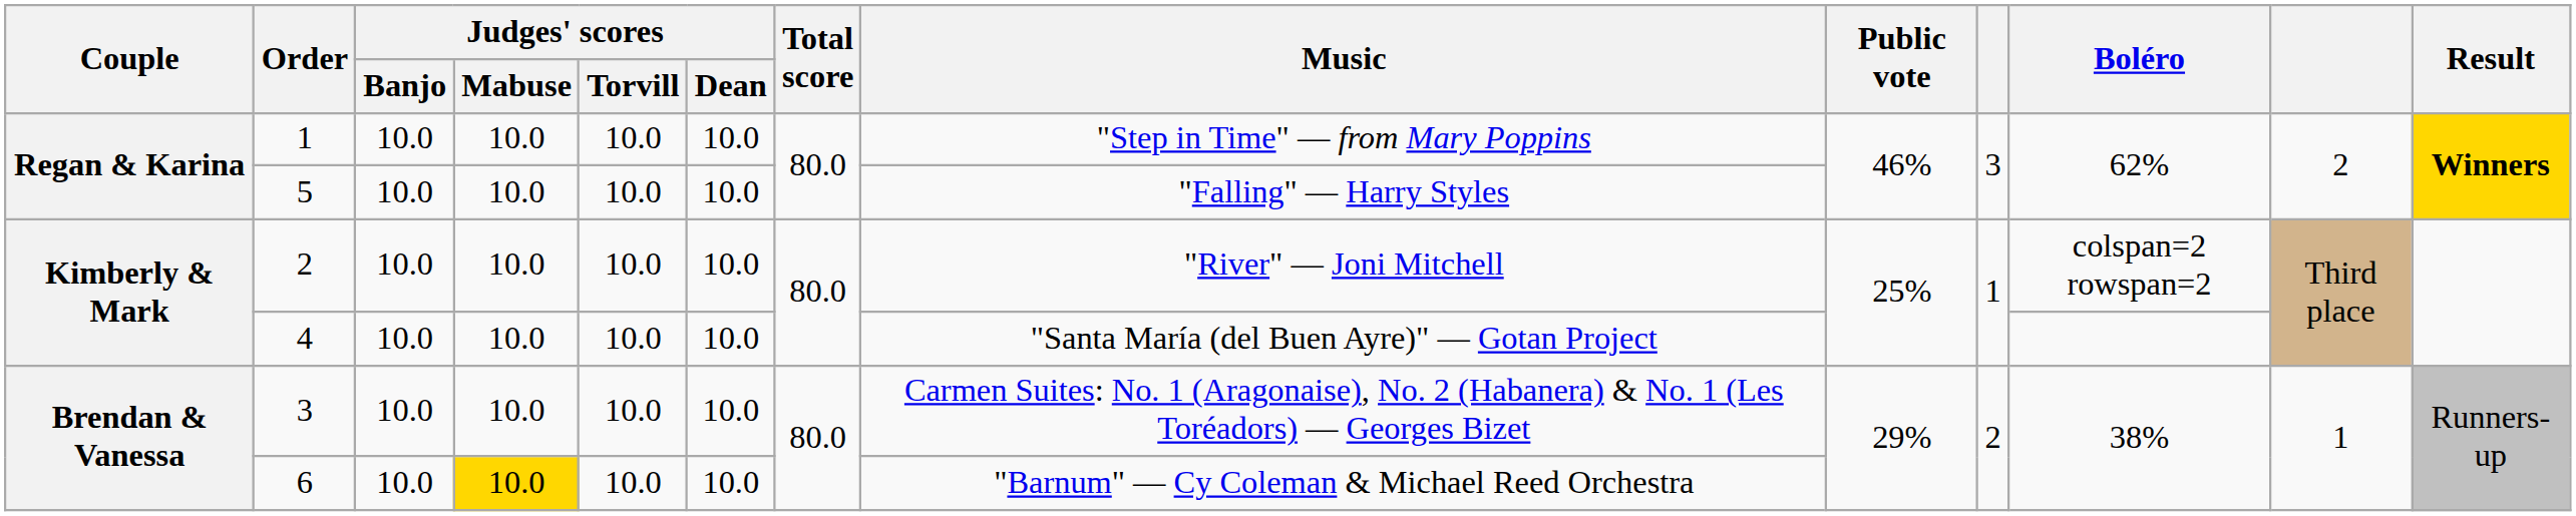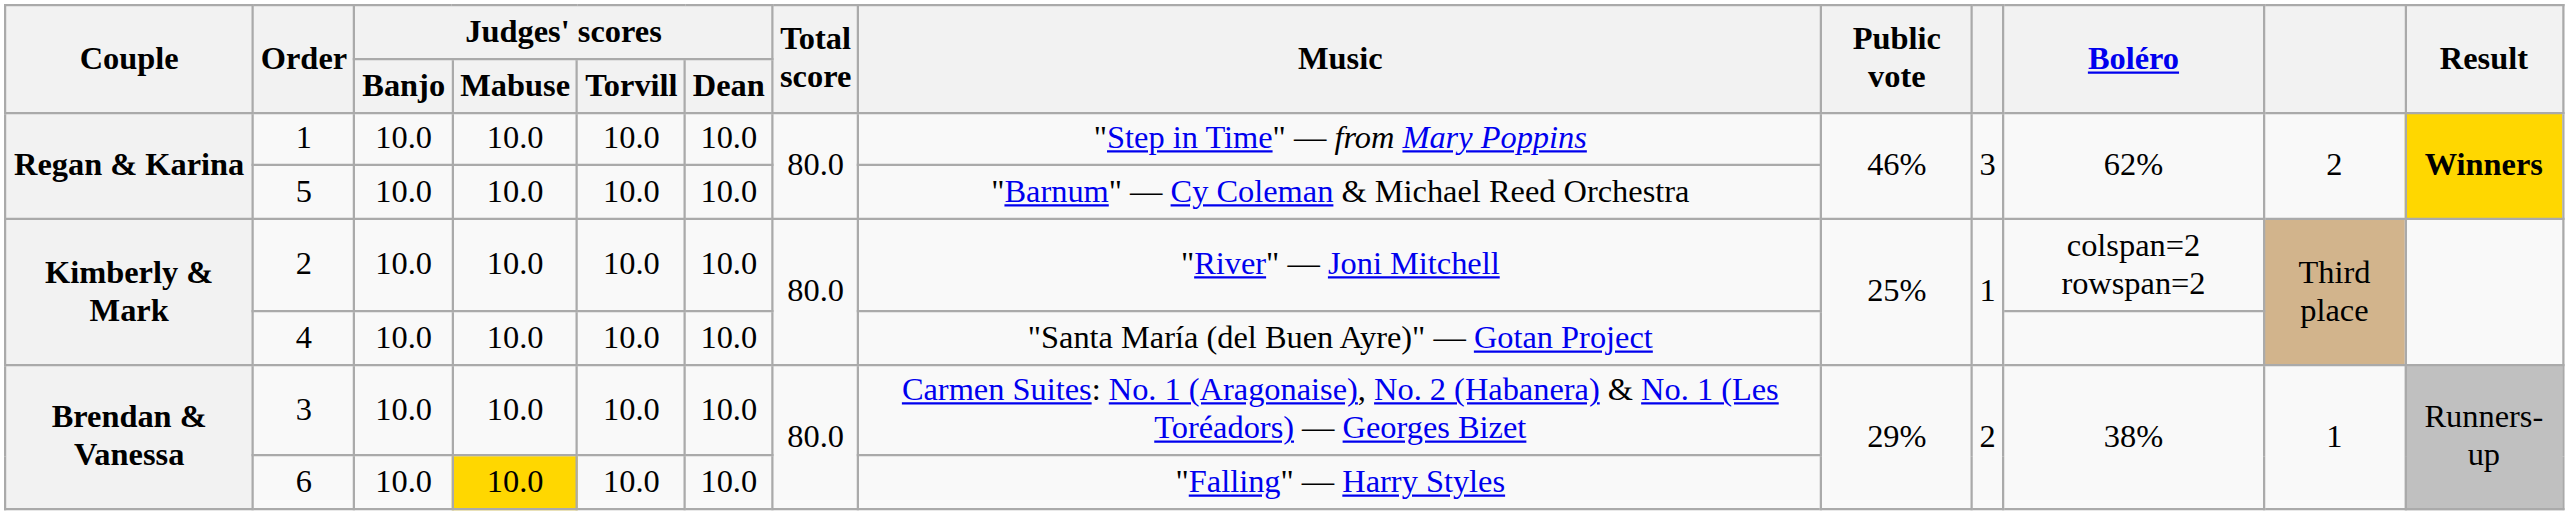 <table class="wikitable sortable" style="text-align:center; font-size:90%; width:90%">
 <tr>
 <th scope="col" rowspan=2>Couple</th>
 <th scope="col" rowspan=2>Order</th>
 <th scope="col" colspan=4 class="unsortable">Judges' scores</th>
 <th scope="col" rowspan=2 class="unsortable">Total<br>score</th>
 <th scope="col" rowspan=2 class="unsortable">Music</th>
 <th scope="col" rowspan=2 class="unsortable">Public vote</th>
 <th scope="col" rowspan=2 class="unsortable"></th>
 <th scope="col" rowspan=2 class="unsortable"><a href='#'>Boléro</a></th>
 <th scope="col" rowspan=2 class="unsortable"></th>
 <th scope="col" rowspan=2 class="unsortable">Result</th>
 </tr>
 <tr>
 <th class="unsortable">Banjo</th>
 <th class="unsortable">Mabuse</th>
 <th class="unsortable">Torvill</th>
 <th class="unsortable">Dean</th>
 </tr>
 <tr>
 <th rowspan=2 scope="row">Regan & Karina</th>
 <td>1</td>
 <td>10.0</td>
 <td>10.0</td>
 <td>10.0</td>
 <td>10.0</td>
 <td rowspan="2">80.0</td>
 <td>"<a href='#'>Step in Time</a>" — <em>from <a href='#'>Mary Poppins</a></em></td>
 <td rowspan=2>46%</td>
 <td rowspan=2>3</td>
 <td rowspan=2>62%</td>
 <td rowspan=2>2</td>
 <td rowspan=2 bgcolor="gold"><strong>Winners</strong></td>
 </tr>
 <tr>
 <td>5</td>
 <td>10.0</td>
 <td>10.0</td>
 <td>10.0</td>
 <td>10.0</td>
-<td>"<a href='#'>Falling</a>" — <a href='#'>Harry Styles</a></td>
+<td>"<a href='#'>Barnum</a>" — <a href='#'>Cy Coleman</a> & Michael Reed Orchestra</td>
 </tr>
 <tr>
 <th rowspan=2 scope="row">Kimberly & Mark</th>
 <td>2</td>
 <td>10.0</td>
 <td>10.0</td>
 <td>10.0</td>
 <td>10.0</td>
 <td rowspan="2">80.0</td>
 <td>"<a href='#'>River</a>" — <a href='#'>Joni Mitchell</a></td>
 <td rowspan=2>25%</td>
 <td rowspan=2>1</td>
 <td>colspan=2 rowspan=2 </td>
 <td rowspan=2 bgcolor=tan>Third place</td>
 </tr>
 <tr>
 <td>4</td>
 <td>10.0</td>
 <td>10.0</td>
 <td>10.0</td>
 <td>10.0</td>
 <td>"Santa María (del Buen Ayre)" — <a href='#'>Gotan Project</a></td>
 </tr>
 <tr>
 <th rowspan=2 scope="row">Brendan & Vanessa</th>
 <td>3</td>
 <td>10.0</td>
 <td>10.0</td>
 <td>10.0</td>
 <td>10.0</td>
 <td rowspan="2">80.0</td>
 <td><a href='#'>Carmen Suites</a>: <a href='#'>No. 1 (Aragonaise)</a>, <a href='#'>No. 2 (Habanera)</a> & <a href='#'>No. 1 (Les Toréadors)</a> — <a href='#'>Georges Bizet</a></td>
 <td rowspan=2>29%</td>
 <td rowspan=2>2</td>
 <td rowspan=2>38%</td>
 <td rowspan=2>1</td>
 <td rowspan=2 bgcolor="silver">Runners-up</td>
 </tr>
 <tr>
 <td>6</td>
 <td>10.0</td>
 <td style="background: gold;">10.0</td>
 <td>10.0</td>
 <td>10.0</td>
-<td>"<a href='#'>Barnum</a>" — <a href='#'>Cy Coleman</a> & Michael Reed Orchestra</td>
+<td>"<a href='#'>Falling</a>" — <a href='#'>Harry Styles</a></td>
 </tr>
 </table>
